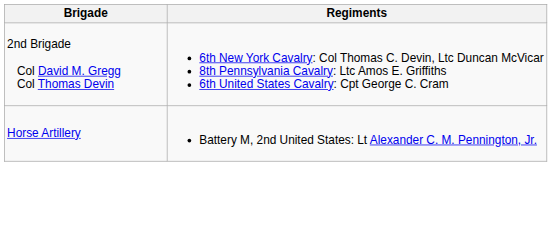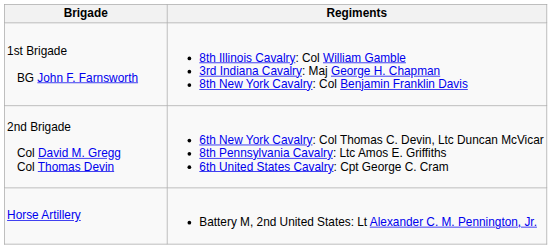 <table class="wikitable">
 <tr>
 <th width=30%>Brigade</th>
 <th>Regiments</th>
+</tr>
+<tr>
+<td>1st Brigade<br><br>   BG <a href='#'>John F. Farnsworth</a></td>
+<td><br><ul><li><a href='#'>8th Illinois Cavalry</a>: Col <a href='#'>William Gamble</a></li><li><a href='#'>3rd Indiana Cavalry</a>: Maj <a href='#'>George H. Chapman</a></li><li><a href='#'>8th New York Cavalry</a>: Col <a href='#'>Benjamin Franklin Davis</a></li></ul></td>
 </tr>
 <tr>
 <td>2nd Brigade<br><br>   Col <a href='#'>David M. Gregg</a> <br>   Col <a href='#'>Thomas Devin</a></td>
 <td><br><ul><li><a href='#'>6th New York Cavalry</a>: Col Thomas C. Devin, Ltc Duncan McVicar</li><li><a href='#'>8th Pennsylvania Cavalry</a>: Ltc Amos E. Griffiths</li><li><a href='#'>6th United States Cavalry</a>: Cpt George C. Cram</li></ul></td>
 </tr>
 <tr>
 <td><a href='#'>Horse Artillery</a></td>
 <td><br><ul><li>Battery M, 2nd United States: Lt <a href='#'>Alexander C. M. Pennington, Jr.</a></li></ul></td>
 </tr>
 </table>
